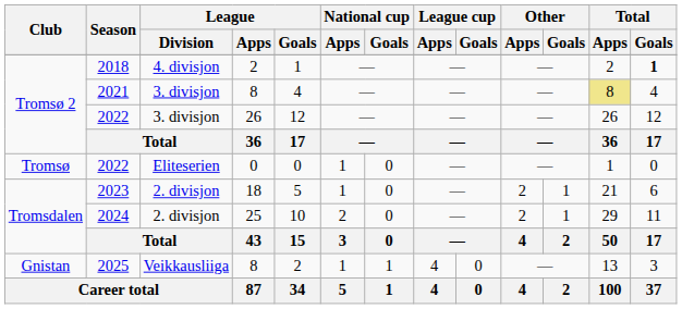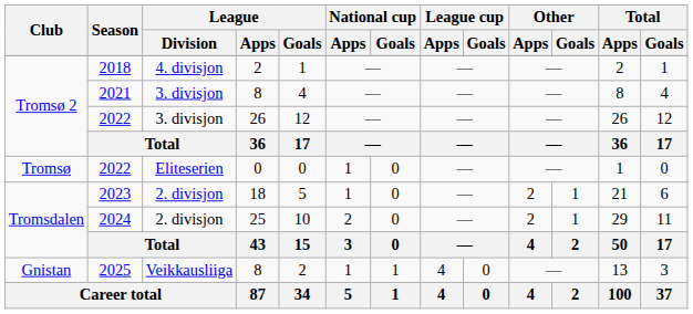 <table class="wikitable" style="text-align: center;">
 <tr>
 <th rowspan=2>Club</th>
 <th rowspan=2>Season</th>
 <th colspan=3>League</th>
 <th colspan=2>National cup</th>
 <th colspan=2>League cup</th>
 <th colspan=2>Other</th>
 <th colspan=2>Total</th>
 </tr>
 <tr>
 <th>Division</th>
 <th>Apps</th>
 <th>Goals</th>
 <th>Apps</th>
 <th>Goals</th>
 <th>Apps</th>
 <th>Goals</th>
 <th>Apps</th>
 <th>Goals</th>
 <th>Apps</th>
 <th>Goals</th>
 </tr>
 <tr>
 </tr>
 <tr>
 <td rowspan=4><a href='#'>Tromsø 2</a></td>
 <td><a href='#'>2018</a></td>
 <td><a href='#'>4. divisjon</a></td>
 <td>2</td>
 <td>1</td>
 <td colspan=2>—</td>
 <td colspan=2>—</td>
 <td colspan=2>—</td>
 <td>2</td>
-<td><strong>1</strong></td>
+<td>1</td>
 </tr>
 <tr>
 <td><a href='#'>2021</a></td>
 <td><a href='#'>3. divisjon</a></td>
 <td>8</td>
 <td>4</td>
 <td colspan=2>—</td>
 <td colspan=2>—</td>
 <td colspan=2>—</td>
-<td style="background: khaki;">8</td>
+<td>8</td>
 <td>4</td>
 </tr>
 <tr>
 <td><a href='#'>2022</a></td>
 <td>3. divisjon</td>
 <td>26</td>
 <td>12</td>
 <td colspan=2>—</td>
 <td colspan=2>—</td>
 <td colspan=2>—</td>
 <td>26</td>
 <td>12</td>
 </tr>
 <tr>
 <th colspan=2>Total</th>
 <th>36</th>
 <th>17</th>
 <th colspan=2>—</th>
 <th colspan=2>—</th>
 <th colspan=2>—</th>
 <th>36</th>
 <th>17</th>
 </tr>
 <tr>
 <td><a href='#'>Tromsø</a></td>
 <td><a href='#'>2022</a></td>
 <td><a href='#'>Eliteserien</a></td>
 <td>0</td>
 <td>0</td>
 <td>1</td>
 <td>0</td>
 <td colspan=2>—</td>
 <td colspan=2>—</td>
 <td>1</td>
 <td>0</td>
 </tr>
 <tr>
 <td rowspan=3><a href='#'>Tromsdalen</a></td>
 <td><a href='#'>2023</a></td>
 <td><a href='#'>2. divisjon</a></td>
 <td>18</td>
 <td>5</td>
 <td>1</td>
 <td>0</td>
 <td colspan=2>—</td>
 <td>2</td>
 <td>1</td>
 <td>21</td>
 <td>6</td>
 </tr>
 <tr>
 <td><a href='#'>2024</a></td>
 <td>2. divisjon</td>
 <td>25</td>
 <td>10</td>
 <td>2</td>
 <td>0</td>
 <td colspan=2>—</td>
 <td>2</td>
 <td>1</td>
 <td>29</td>
 <td>11</td>
 </tr>
 <tr>
 <th colspan=2>Total</th>
 <th>43</th>
 <th>15</th>
 <th>3</th>
 <th>0</th>
 <th colspan=2>—</th>
 <th>4</th>
 <th>2</th>
 <th>50</th>
 <th>17</th>
 </tr>
 <tr>
 <td><a href='#'>Gnistan</a></td>
 <td><a href='#'>2025</a></td>
 <td><a href='#'>Veikkausliiga</a></td>
 <td>8</td>
 <td>2</td>
 <td>1</td>
 <td>1</td>
 <td>4</td>
 <td>0</td>
 <td colspan=2>—</td>
 <td>13</td>
 <td>3</td>
 </tr>
 <tr>
 <th colspan=3>Career total</th>
 <th>87</th>
 <th>34</th>
 <th>5</th>
 <th>1</th>
 <th>4</th>
 <th>0</th>
 <th>4</th>
 <th>2</th>
 <th>100</th>
 <th>37</th>
 </tr>
 </table>
